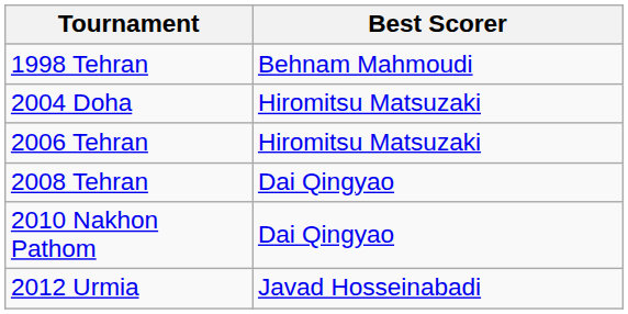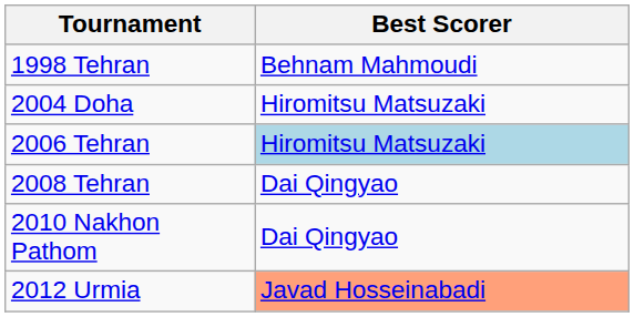 <table class=wikitable style="width: 400px;">
 <tr>
 <th style="width: 40%;">Tournament</th>
 <th style="width: 60%;">Best Scorer</th>
 </tr>
 <tr>
 <td><a href='#'>1998 Tehran</a></td>
 <td> <a href='#'>Behnam Mahmoudi</a></td>
 </tr>
 <tr>
 <td><a href='#'>2004 Doha</a></td>
 <td> <a href='#'>Hiromitsu Matsuzaki</a></td>
 </tr>
 <tr>
 <td><a href='#'>2006 Tehran</a></td>
-<td> <a href='#'>Hiromitsu Matsuzaki</a></td>
+<td style="background: lightblue;"> <a href='#'>Hiromitsu Matsuzaki</a></td>
 </tr>
 <tr>
 <td><a href='#'>2008 Tehran</a></td>
 <td> <a href='#'>Dai Qingyao</a></td>
 </tr>
 <tr>
 <td><a href='#'>2010 Nakhon Pathom</a></td>
 <td> <a href='#'>Dai Qingyao</a></td>
 </tr>
 <tr>
 <td><a href='#'>2012 Urmia</a></td>
-<td> <a href='#'>Javad Hosseinabadi</a></td>
+<td style="background: lightsalmon;"> <a href='#'>Javad Hosseinabadi</a></td>
 </tr>
 </table>
